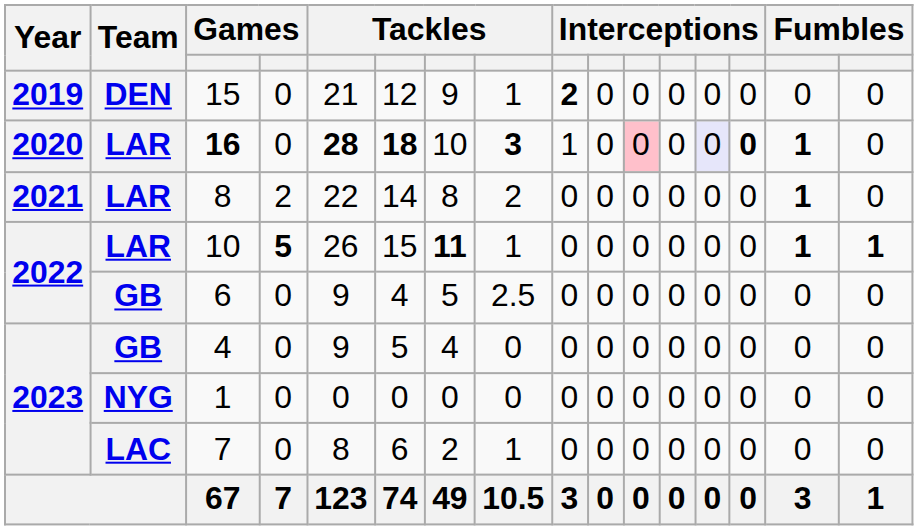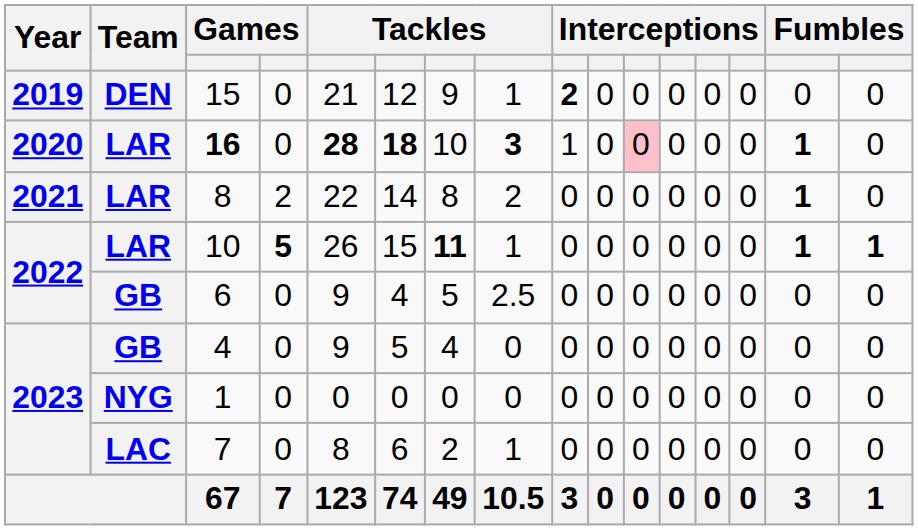 <table class="wikitable" style="text-align: center;">
 <tr>
 <th rowspan="2">Year</th>
 <th rowspan="2">Team</th>
 <th colspan="2">Games</th>
 <th colspan="4">Tackles</th>
 <th colspan="6">Interceptions</th>
 <th colspan="2">Fumbles</th>
 </tr>
 <tr>
 <th></th>
 <th></th>
 <th></th>
 <th></th>
 <th></th>
 <th></th>
 <th></th>
 <th></th>
 <th></th>
 <th></th>
 <th></th>
 <th></th>
 <th></th>
 <th></th>
 </tr>
 <tr>
 <th><a href='#'>2019</a></th>
 <th><a href='#'>DEN</a></th>
 <td>15</td>
 <td>0</td>
 <td>21</td>
 <td>12</td>
 <td>9</td>
 <td>1</td>
 <td><strong>2</strong></td>
 <td>0</td>
 <td>0</td>
 <td>0</td>
 <td>0</td>
 <td>0</td>
 <td>0</td>
 <td>0</td>
 </tr>
 <tr>
 <th><a href='#'>2020</a></th>
 <th><a href='#'>LAR</a></th>
 <td><strong>16</strong></td>
 <td>0</td>
 <td><strong>28</strong></td>
 <td><strong>18</strong></td>
 <td>10</td>
 <td><strong>3</strong></td>
 <td>1</td>
 <td>0</td>
 <td style="background: pink;">0</td>
 <td>0</td>
-<td style="background: lavender;">0</td>
-<td><strong>0</strong></td>
+<td>0</td>
+<td>0</td>
 <td><strong>1</strong></td>
 <td>0</td>
 </tr>
 <tr>
 <th><a href='#'>2021</a></th>
 <th><a href='#'>LAR</a></th>
 <td>8</td>
 <td>2</td>
 <td>22</td>
 <td>14</td>
 <td>8</td>
 <td>2</td>
 <td>0</td>
 <td>0</td>
 <td>0</td>
 <td>0</td>
 <td>0</td>
 <td>0</td>
 <td><strong>1</strong></td>
 <td>0</td>
 </tr>
 <tr>
 <th rowspan=2><a href='#'>2022</a></th>
 <th><a href='#'>LAR</a></th>
 <td>10</td>
 <td><strong> 5</strong></td>
 <td>26</td>
 <td>15</td>
 <td><strong>11</strong></td>
 <td>1</td>
 <td>0</td>
 <td>0</td>
 <td>0</td>
 <td>0</td>
 <td>0</td>
 <td>0</td>
 <td><strong>1</strong></td>
 <td><strong>1</strong></td>
 </tr>
 <tr>
 <th><a href='#'>GB</a></th>
 <td>6</td>
 <td>0</td>
 <td>9</td>
 <td>4</td>
 <td>5</td>
 <td>2.5</td>
 <td>0</td>
 <td>0</td>
 <td>0</td>
 <td>0</td>
 <td>0</td>
 <td>0</td>
 <td>0</td>
 <td>0</td>
 </tr>
 <tr>
 <th rowspan=3><a href='#'>2023</a></th>
 <th><a href='#'>GB</a></th>
 <td>4</td>
 <td>0</td>
 <td>9</td>
 <td>5</td>
 <td>4</td>
 <td>0</td>
 <td>0</td>
 <td>0</td>
 <td>0</td>
 <td>0</td>
 <td>0</td>
 <td>0</td>
 <td>0</td>
 <td>0</td>
 </tr>
 <tr>
 <th><a href='#'>NYG</a></th>
 <td>1</td>
 <td>0</td>
 <td>0</td>
 <td>0</td>
 <td>0</td>
 <td>0</td>
 <td>0</td>
 <td>0</td>
 <td>0</td>
 <td>0</td>
 <td>0</td>
 <td>0</td>
 <td>0</td>
 <td>0</td>
 </tr>
 <tr>
 <th><a href='#'>LAC</a></th>
 <td>7</td>
 <td>0</td>
 <td>8</td>
 <td>6</td>
 <td>2</td>
 <td>1</td>
 <td>0</td>
 <td>0</td>
 <td>0</td>
 <td>0</td>
 <td>0</td>
 <td>0</td>
 <td>0</td>
 <td>0</td>
 </tr>
 <tr>
 <th colspan="2"></th>
 <th>67</th>
 <th>7</th>
 <th>123</th>
 <th>74</th>
 <th>49</th>
 <th>10.5</th>
 <th>3</th>
 <th>0</th>
 <th>0</th>
 <th>0</th>
 <th>0</th>
 <th>0</th>
 <th>3</th>
 <th>1</th>
 </tr>
 </table>
